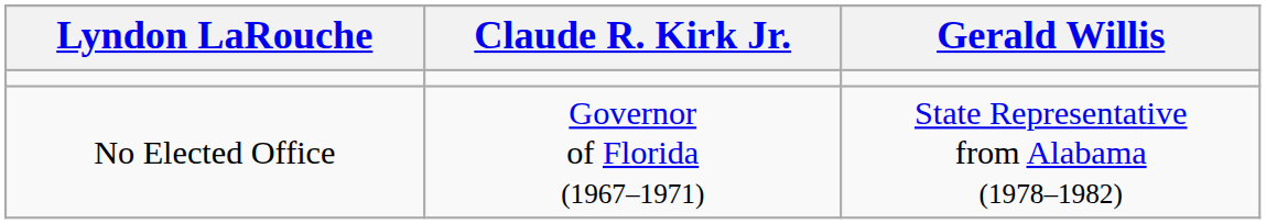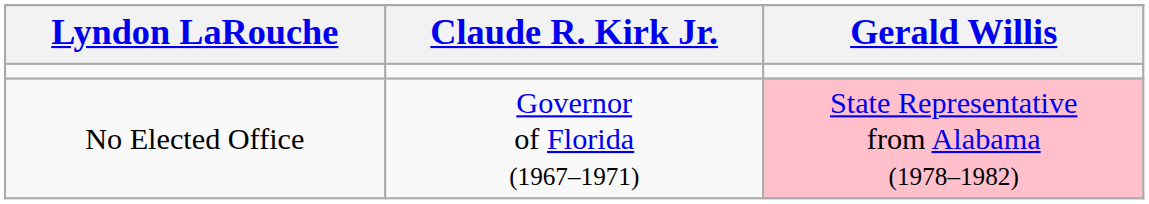 <table class="wikitable" style="font-size:90%;">
 <tr>
 </tr>
 <tr style="text-align:center">
 <th scope="col" style="width:10em; font-size:120%;"><a href='#'>Lyndon LaRouche</a></th>
 <th scope="col" style="width:10em; font-size:120%;"><a href='#'>Claude R. Kirk Jr.</a></th>
 <th scope="col" style="width:10em; font-size:120%;"><a href='#'>Gerald Willis</a></th>
 </tr>
 <tr style="text-align:center">
 <td></td>
 <td></td>
 <td></td>
 </tr>
 <tr style="text-align:center">
 <td>No Elected Office</td>
 <td><a href='#'>Governor</a><br>of <a href='#'>Florida</a><br><small>(1967–1971)</small></td>
-<td><a href='#'>State Representative</a><br>from <a href='#'>Alabama</a><br><small>(1978–1982)</small></td>
+<td style="background: pink;"><a href='#'>State Representative</a><br>from <a href='#'>Alabama</a><br><small>(1978–1982)</small></td>
 </tr>
 </table>
